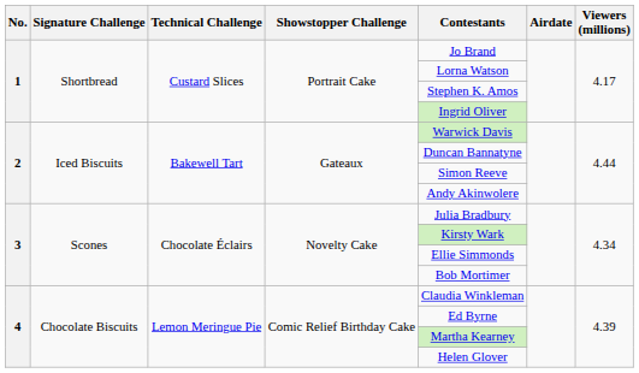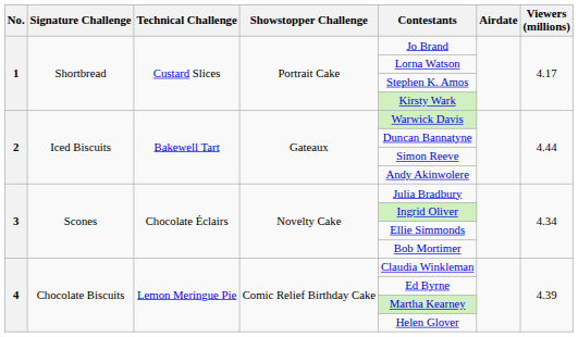 <table class="wikitable" style="text-align:center;">
 <tr>
 <th scope="col">No.</th>
 <th scope="col">Signature Challenge</th>
 <th scope="col">Technical Challenge</th>
 <th scope="col">Showstopper Challenge</th>
 <th scope="col">Contestants</th>
 <th scope="col">Airdate</th>
 <th scope="col">Viewers<br>(millions)</th>
 </tr>
 <tr>
 <th scope="rowgroup" rowspan=4>1</th>
 <td rowspan=4>Shortbread</td>
 <td rowspan=4><a href='#'>Custard</a> Slices</td>
 <td rowspan=4>Portrait Cake</td>
 <td><a href='#'>Jo Brand</a></td>
 <td rowspan=4></td>
 <td rowspan=4>4.17</td>
 </tr>
 <tr>
 <td><a href='#'>Lorna Watson</a></td>
 </tr>
 <tr>
 <td><a href='#'>Stephen K. Amos</a></td>
 </tr>
 <tr style="background:#d0f0c0">
-<td><a href='#'>Ingrid Oliver</a></td>
+<td><a href='#'>Kirsty Wark</a></td>
 </tr>
 <tr>
 <th scope="rowgroup" rowspan=4>2</th>
 <td rowspan=4>Iced Biscuits</td>
 <td rowspan=4><a href='#'>Bakewell Tart</a></td>
 <td rowspan=4>Gateaux</td>
 <td style="background:#d0f0c0"><a href='#'>Warwick Davis</a></td>
 <td rowspan=4></td>
 <td rowspan=4>4.44</td>
 </tr>
 <tr>
 <td><a href='#'>Duncan Bannatyne</a></td>
 </tr>
 <tr>
 <td><a href='#'>Simon Reeve</a></td>
 </tr>
 <tr>
 <td><a href='#'>Andy Akinwolere</a></td>
 </tr>
 <tr>
 <th scope="rowgroup" rowspan=4>3</th>
 <td rowspan=4>Scones</td>
 <td rowspan=4>Chocolate Éclairs</td>
 <td rowspan=4>Novelty Cake</td>
 <td><a href='#'>Julia Bradbury</a></td>
 <td rowspan=4></td>
 <td rowspan=4>4.34</td>
 </tr>
 <tr style="background:#d0f0c0">
-<td><a href='#'>Kirsty Wark</a></td>
+<td><a href='#'>Ingrid Oliver</a></td>
 </tr>
 <tr>
 <td><a href='#'>Ellie Simmonds</a></td>
 </tr>
 <tr>
 <td><a href='#'>Bob Mortimer</a></td>
 </tr>
 <tr>
 <th scope="rowgroup" rowspan=4>4</th>
 <td rowspan=4>Chocolate Biscuits</td>
 <td rowspan=4><a href='#'>Lemon Meringue Pie</a></td>
 <td rowspan=4>Comic Relief Birthday Cake</td>
 <td><a href='#'>Claudia Winkleman</a></td>
 <td rowspan=4></td>
 <td rowspan=4>4.39</td>
 </tr>
 <tr>
 <td><a href='#'>Ed Byrne</a></td>
 </tr>
 <tr style="background:#d0f0c0">
 <td><a href='#'>Martha Kearney</a></td>
 </tr>
 <tr>
 <td><a href='#'>Helen Glover</a></td>
 </tr>
 </table>
